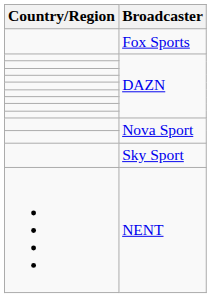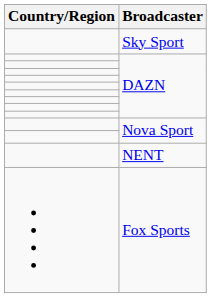 <table class="wikitable">
 <tr>
 <th>Country/Region</th>
 <th>Broadcaster</th>
 </tr>
 <tr>
 <td></td>
-<td><a href='#'>Fox Sports</a></td>
+<td><a href='#'>Sky Sport</a></td>
 </tr>
 <tr>
 <td></td>
 <td rowspan="9"><a href='#'>DAZN</a></td>
 </tr>
 <tr>
 <td></td>
 </tr>
 <tr>
 <td></td>
 </tr>
 <tr>
 <td></td>
 </tr>
 <tr>
 <td></td>
 </tr>
 <tr>
 <td></td>
 </tr>
 <tr>
 <td></td>
 </tr>
 <tr>
 <td></td>
 </tr>
 <tr>
 <td></td>
 </tr>
 <tr>
 <td></td>
 <td rowspan="2"><a href='#'>Nova Sport</a></td>
 </tr>
 <tr>
 <td></td>
 </tr>
 <tr>
 <td></td>
-<td><a href='#'>Sky Sport</a></td>
+<td><a href='#'>NENT</a></td>
 </tr>
 <tr>
 <td><br><ul><li></li><li></li><li></li><li></li></ul></td>
-<td><a href='#'>NENT</a></td>
+<td><a href='#'>Fox Sports</a></td>
 </tr>
 </table>
